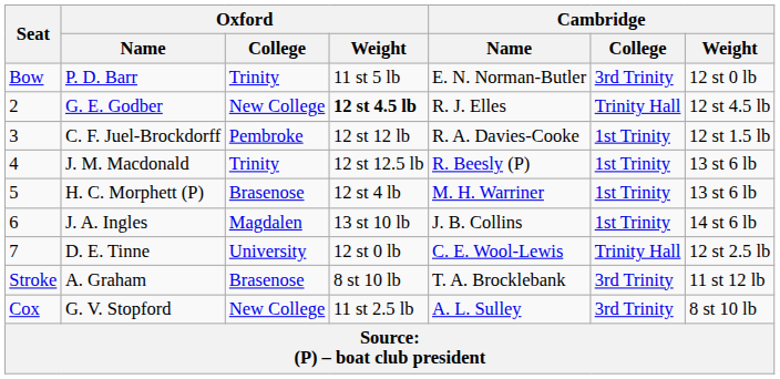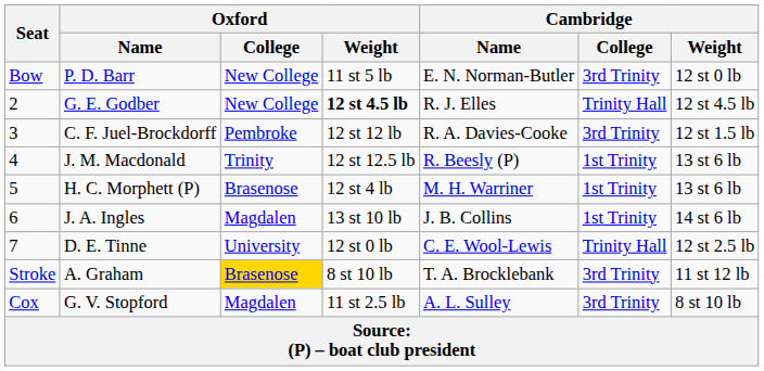 <table class="wikitable">
 <tr>
 <th rowspan="2" scope="col">Seat</th>
 <th colspan="3" scope="col">Oxford <br> </th>
 <th colspan="3" scope="col">Cambridge <br> </th>
 </tr>
 <tr>
 <th>Name</th>
 <th>College</th>
 <th>Weight</th>
 <th>Name</th>
 <th>College</th>
 <th>Weight</th>
 </tr>
 <tr>
 <td><a href='#'>Bow</a></td>
 <td><a href='#'>P. D. Barr</a></td>
-<td><a href='#'>Trinity</a></td>
+<td><a href='#'>New College</a></td>
 <td>11 st 5 lb</td>
 <td>E. N. Norman-Butler</td>
 <td><a href='#'>3rd Trinity</a></td>
 <td>12 st 0 lb</td>
 </tr>
 <tr>
 <td>2</td>
 <td><a href='#'>G. E. Godber</a></td>
 <td><a href='#'>New College</a></td>
 <td><strong>12 st 4.5 lb</strong></td>
 <td>R. J. Elles</td>
 <td><a href='#'>Trinity Hall</a></td>
 <td>12 st 4.5 lb</td>
 </tr>
 <tr>
 <td>3</td>
 <td>C. F. Juel-Brockdorff</td>
 <td><a href='#'>Pembroke</a></td>
 <td>12 st 12 lb</td>
 <td>R. A. Davies-Cooke</td>
-<td><a href='#'>1st Trinity</a></td>
+<td><a href='#'>3rd Trinity</a></td>
 <td>12 st 1.5 lb</td>
 </tr>
 <tr>
 <td>4</td>
 <td>J. M. Macdonald</td>
 <td><a href='#'>Trinity</a></td>
 <td>12 st 12.5 lb</td>
 <td><a href='#'>R. Beesly</a> (P)</td>
 <td><a href='#'>1st Trinity</a></td>
 <td>13 st 6 lb</td>
 </tr>
 <tr>
 <td>5</td>
 <td>H. C. Morphett (P)</td>
 <td><a href='#'>Brasenose</a></td>
 <td>12 st 4 lb</td>
 <td><a href='#'>M. H. Warriner</a></td>
 <td><a href='#'>1st Trinity</a></td>
 <td>13 st 6 lb</td>
 </tr>
 <tr>
 <td>6</td>
 <td>J. A. Ingles</td>
 <td><a href='#'>Magdalen</a></td>
 <td>13 st 10 lb</td>
 <td>J. B. Collins</td>
 <td><a href='#'>1st Trinity</a></td>
 <td>14 st 6 lb</td>
 </tr>
 <tr>
 <td>7</td>
 <td>D. E. Tinne</td>
 <td><a href='#'>University</a></td>
 <td>12 st 0 lb</td>
 <td><a href='#'>C. E. Wool-Lewis</a></td>
 <td><a href='#'>Trinity Hall</a></td>
 <td>12 st 2.5 lb</td>
 </tr>
 <tr>
 <td><a href='#'>Stroke</a></td>
 <td>A. Graham</td>
-<td><a href='#'>Brasenose</a></td>
+<td style="background: gold;"><a href='#'>Brasenose</a></td>
 <td>8 st 10 lb</td>
 <td>T. A. Brocklebank</td>
 <td><a href='#'>3rd Trinity</a></td>
 <td>11 st 12 lb</td>
 </tr>
 <tr>
 <td><a href='#'>Cox</a></td>
 <td>G. V. Stopford</td>
-<td><a href='#'>New College</a></td>
+<td><a href='#'>Magdalen</a></td>
 <td>11 st 2.5 lb</td>
 <td><a href='#'>A. L. Sulley</a></td>
 <td><a href='#'>3rd Trinity</a></td>
 <td>8 st 10 lb</td>
 </tr>
 <tr>
 <th colspan="7">Source:<br>(P) – boat club president</th>
 </tr>
 </table>
